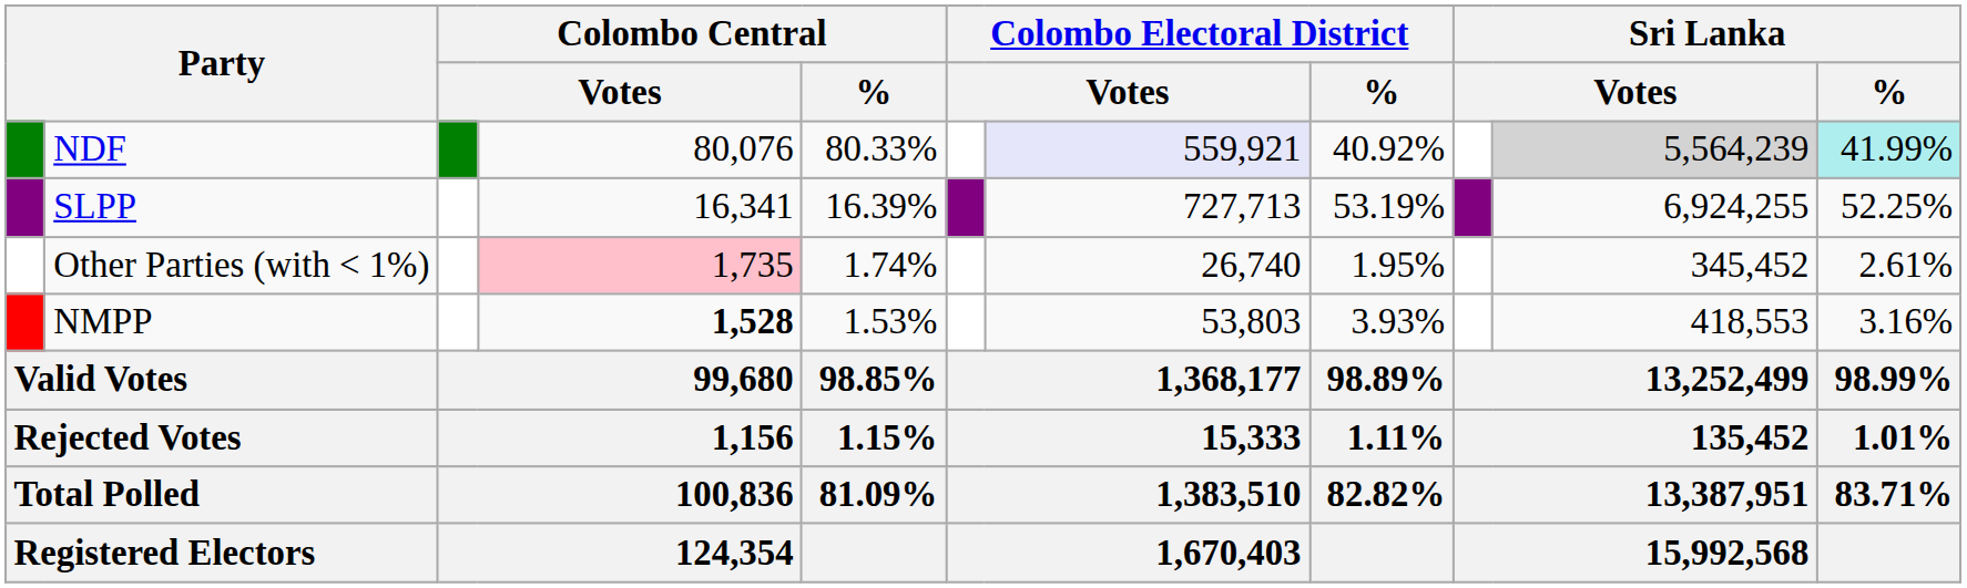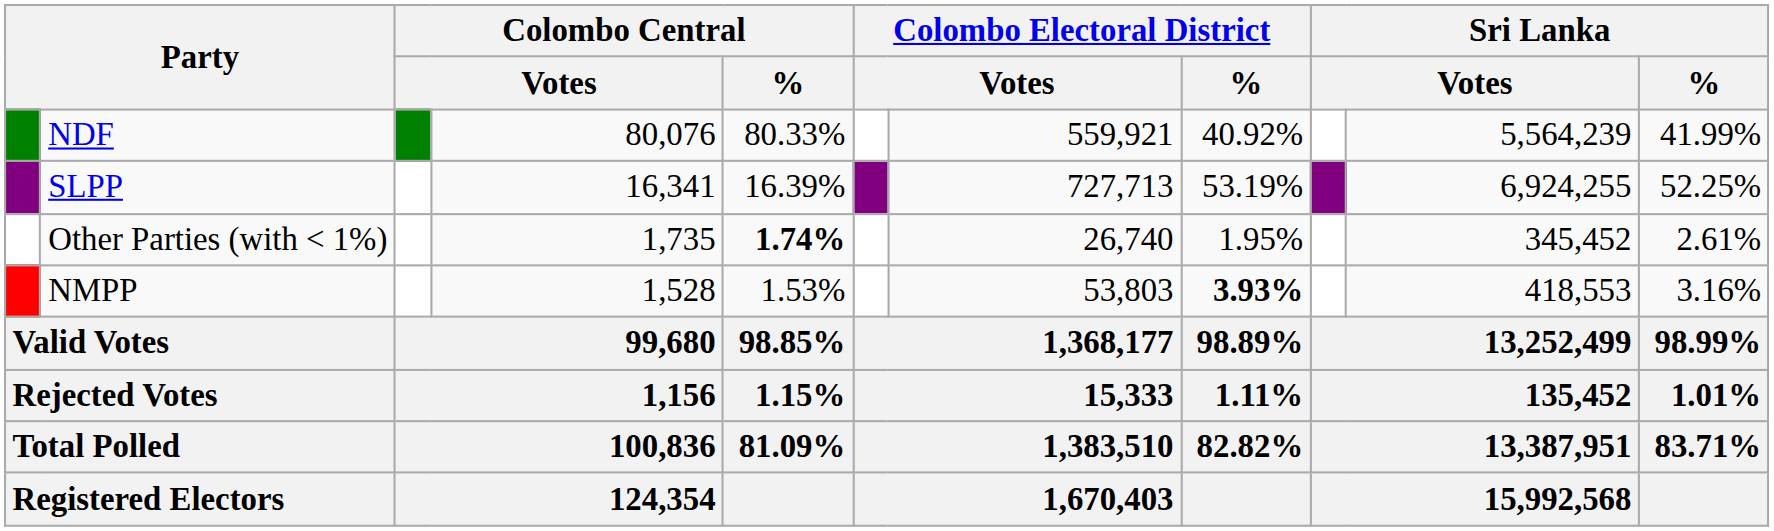 <table class="wikitable">
 <tr>
 <th colspan="2" width="144px"rowspan="2">Party</th>
 <th colspan="3" width="216px">Colombo Central</th>
 <th colspan="3" width="216px"><a href='#'>Colombo Electoral District</a></th>
 <th colspan="3" width="216px">Sri Lanka</th>
 </tr>
 <tr>
 <th colspan="2" width="144px">Votes</th>
 <th>%</th>
 <th colspan="2" width="144px">Votes</th>
 <th>%</th>
 <th colspan="2" width="144px">Votes</th>
 <th>%</th>
 </tr>
 <tr>
 <td style="background-color:green;" width="10px"></td>
 <td style="text-align:left;"><a href='#'>NDF</a></td>
 <td style="background-color:green;" width="10px"></td>
 <td style="text-align:right;">80,076</td>
 <td style="text-align:right;">80.33%</td>
 <td style="background-color:white;" width="10px"></td>
-<td style="background: lavender; text-align:right;">559,921</td>
+<td style="text-align:right;">559,921</td>
 <td style="text-align:right;">40.92%</td>
 <td style="background-color:white;" width="10px"></td>
-<td style="background: lightgrey; text-align:right;">5,564,239</td>
-<td style="background: paleturquoise; text-align:right;">41.99%</td>
+<td style="text-align:right;">5,564,239</td>
+<td style="text-align:right;">41.99%</td>
 </tr>
 <tr>
 <td style="background-color:purple;" width="10px"></td>
 <td style="text-align:left;"><a href='#'>SLPP</a></td>
 <td style="background-color:white;" width="10px"></td>
 <td style="text-align:right;">16,341</td>
 <td style="text-align:right;">16.39%</td>
 <td style="background-color:purple;" width="10px"></td>
 <td style="text-align:right;">727,713</td>
 <td style="text-align:right;">53.19%</td>
 <td style="background-color:purple;" width="10px"></td>
 <td style="text-align:right;">6,924,255</td>
 <td style="text-align:right;">52.25%</td>
 </tr>
 <tr>
 <td style="background-color:white;" width="10px"></td>
 <td style="text-align:left;">Other Parties (with < 1%)</td>
 <td style="background-color:white;" width="10px"></td>
-<td style="background: pink; text-align:right;">1,735</td>
-<td style="text-align:right;">1.74%</td>
+<td style="text-align:right;">1,735</td>
+<td style="text-align:right;"><strong>1.74%</strong></td>
 <td style="background-color:white;" width="10px"></td>
 <td style="text-align:right;">26,740</td>
 <td style="text-align:right;">1.95%</td>
 <td style="background-color:white;" width="10px"></td>
 <td style="text-align:right;">345,452</td>
 <td style="text-align:right;">2.61%</td>
 </tr>
 <tr>
 <td style="background-color:red;" width="10px"></td>
 <td style="text-align:left;">NMPP</td>
 <td style="background-color:white;" width="10px"></td>
-<td style="text-align:right;"><strong>1,528</strong></td>
+<td style="text-align:right;">1,528</td>
 <td style="text-align:right;">1.53%</td>
 <td style="background-color:white;" width="10px"></td>
 <td style="text-align:right;">53,803</td>
-<td style="text-align:right;">3.93%</td>
+<td style="text-align:right;"><strong>3.93%</strong></td>
 <td style="background-color:white;" width="10px"></td>
 <td style="text-align:right;">418,553</td>
 <td style="text-align:right;">3.16%</td>
 </tr>
 <tr>
 <th colspan="2" width="144px"style="text-align:left;">Valid Votes</th>
 <th style="text-align:right;"colspan="2" width="144px">99,680</th>
 <th style="text-align:right;">98.85%</th>
 <th style="text-align:right;"colspan="2" width="144px">1,368,177</th>
 <th style="text-align:right;">98.89%</th>
 <th style="text-align:right;"colspan="2" width="144px">13,252,499</th>
 <th style="text-align:right;">98.99%</th>
 </tr>
 <tr>
 <th colspan="2" width="144px"style="text-align:left;">Rejected Votes</th>
 <th style="text-align:right;"colspan="2" width="144px">1,156</th>
 <th style="text-align:right;">1.15%</th>
 <th style="text-align:right;"colspan="2" width="144px">15,333</th>
 <th style="text-align:right;">1.11%</th>
 <th style="text-align:right;"colspan="2" width="144px">135,452</th>
 <th style="text-align:right;">1.01%</th>
 </tr>
 <tr>
 <th colspan="2" width="144px"style="text-align:left;">Total Polled</th>
 <th style="text-align:right;"colspan="2" width="144px">100,836</th>
 <th style="text-align:right;">81.09%</th>
 <th style="text-align:right;"colspan="2" width="144px">1,383,510</th>
 <th style="text-align:right;">82.82%</th>
 <th style="text-align:right;"colspan="2" width="144px">13,387,951</th>
 <th style="text-align:right;">83.71%</th>
 </tr>
 <tr>
 <th colspan="2" width="144px"style="text-align:left;">Registered Electors</th>
 <th style="text-align:right;"colspan="2" width="144px">124,354</th>
 <th></th>
 <th style="text-align:right;"colspan="2" width="144px">1,670,403</th>
 <th></th>
 <th style="text-align:right;"colspan="2" width="144px">15,992,568</th>
 <th></th>
 </tr>
 </table>
